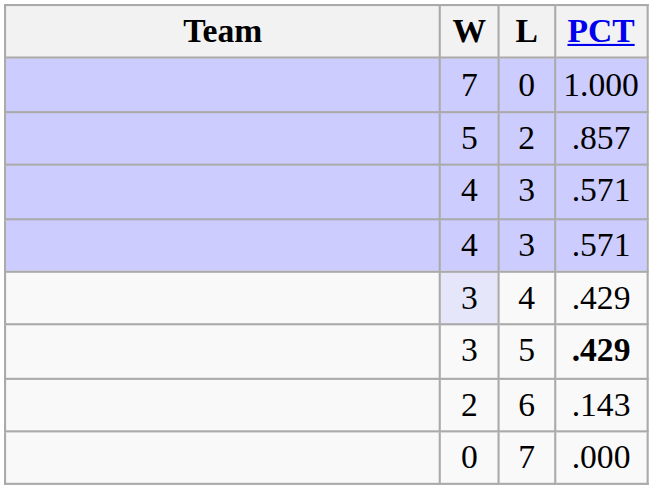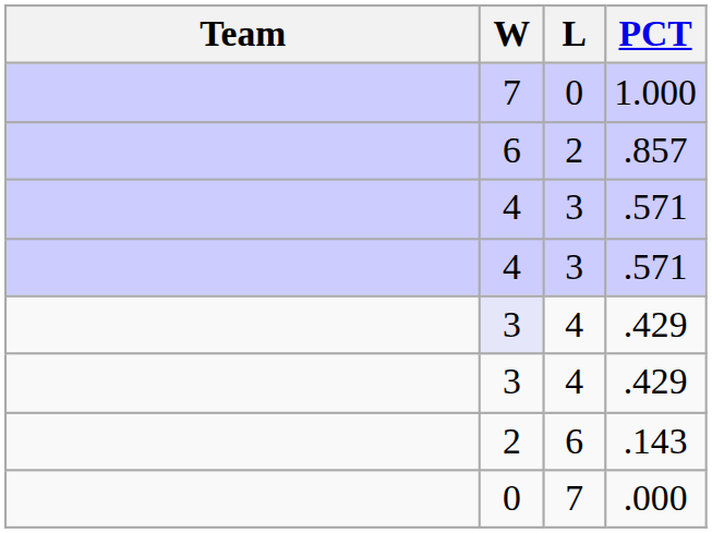 <table class="wikitable" style="text-align:center;">
 <tr>
 <th width=200px>Team</th>
 <th width=20px>W</th>
 <th width=20px>L</th>
 <th width=30px><a href='#'>PCT</a></th>
 </tr>
 <tr bgcolor="#CCCCFF">
 <td align=left></td>
 <td>7</td>
 <td>0</td>
 <td>1.000</td>
 </tr>
 <tr bgcolor="#CCCCFF">
 <td align=left></td>
-<td>5</td>
+<td>6</td>
 <td>2</td>
 <td>.857</td>
 </tr>
 <tr bgcolor="#CCCCFF">
 <td align=left></td>
 <td>4</td>
 <td>3</td>
 <td>.571</td>
 </tr>
 <tr bgcolor="#CCCCFF">
 <td align=left></td>
 <td>4</td>
 <td>3</td>
 <td>.571</td>
 </tr>
 <tr>
 <td align=left></td>
 <td style="background: lavender;">3</td>
 <td>4</td>
 <td>.429</td>
 </tr>
 <tr>
 <td align=left></td>
 <td>3</td>
-<td>5</td>
-<td><strong>.429</strong></td>
+<td>4</td>
+<td>.429</td>
 </tr>
 <tr>
 <td align=left></td>
 <td>2</td>
 <td>6</td>
 <td>.143</td>
 </tr>
 <tr>
 <td align=left></td>
 <td>0</td>
 <td>7</td>
 <td>.000</td>
 </tr>
 </table>
